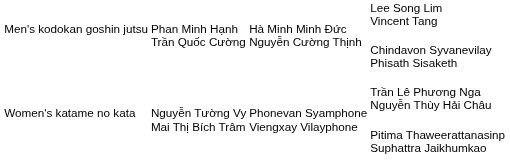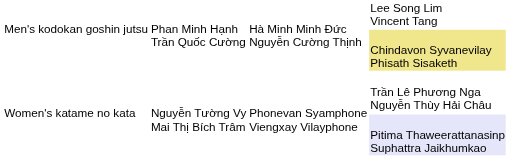 <table>
 <tr>
 <td rowspan=2>Men's kodokan goshin jutsu</td>
 <td rowspan=2><br>Phan Minh Hạnh<br>Trần Quốc Cường</td>
 <td rowspan=2><br>Hà Minh Minh Đức<br>Nguyễn Cường Thịnh</td>
 <td><br>Lee Song Lim<br>Vincent Tang</td>
 </tr>
 <tr>
-<td><br>Chindavon Syvanevilay <br>Phisath Sisaketh</td>
+<td style="background: khaki;"><br>Chindavon Syvanevilay <br>Phisath Sisaketh</td>
 </tr>
 <tr>
 <td rowspan=2>Women's katame no kata</td>
 <td rowspan=2 nowrap><br>Nguyễn Tường Vy<br>Mai Thị Bích Trâm</td>
 <td rowspan=2 nowrap><br>Phonevan Syamphone<br>Viengxay Vilayphone</td>
 <td><br>Trần Lê Phương Nga<br>Nguyễn Thùy Hải Châu</td>
 </tr>
 <tr>
-<td nowrap><br>Pitima Thaweerattanasinp<br>Suphattra Jaikhumkao</td>
+<td nowrap style="background: lavender;"><br>Pitima Thaweerattanasinp<br>Suphattra Jaikhumkao</td>
 </tr>
 </table>
